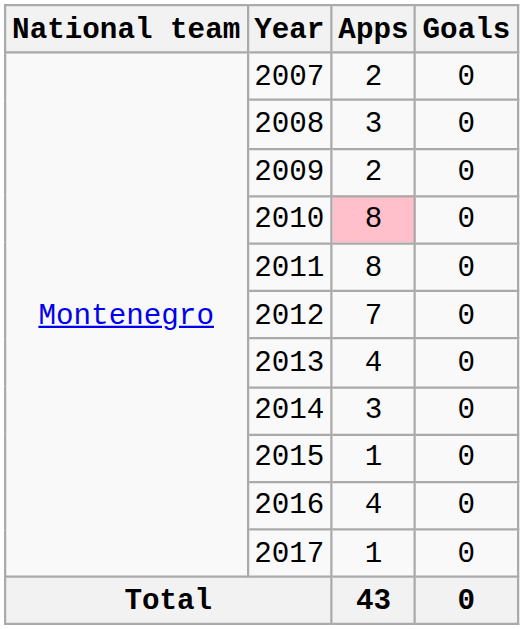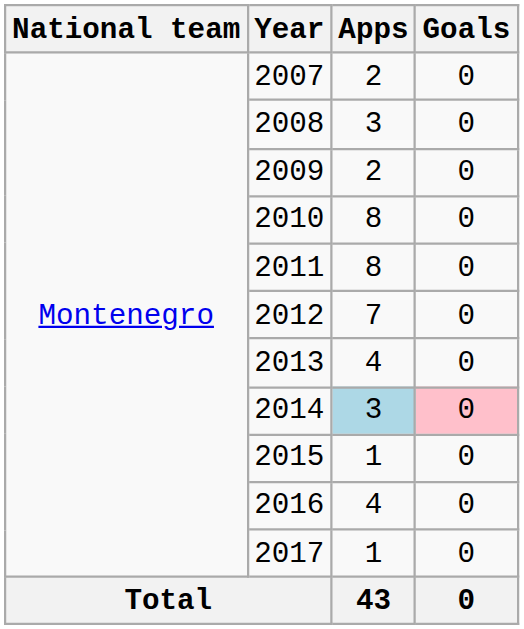 <table class="wikitable" style="text-align:center">
 <tr>
 <th>National team</th>
 <th>Year</th>
 <th>Apps</th>
 <th>Goals</th>
 </tr>
 <tr>
 <td rowspan="11" style="vertical-align:center"><a href='#'>Montenegro</a></td>
 <td>2007</td>
 <td>2</td>
 <td>0</td>
 </tr>
 <tr>
 <td>2008</td>
 <td>3</td>
 <td>0</td>
 </tr>
 <tr>
 <td>2009</td>
 <td>2</td>
 <td>0</td>
 </tr>
 <tr>
 <td>2010</td>
-<td style="background: pink;">8</td>
+<td>8</td>
 <td>0</td>
 </tr>
 <tr>
 <td>2011</td>
 <td>8</td>
 <td>0</td>
 </tr>
 <tr>
 <td>2012</td>
 <td>7</td>
 <td>0</td>
 </tr>
 <tr>
 <td>2013</td>
 <td>4</td>
 <td>0</td>
 </tr>
 <tr>
 <td>2014</td>
-<td>3</td>
-<td>0</td>
+<td style="background: lightblue;">3</td>
+<td style="background: pink;">0</td>
 </tr>
 <tr>
 <td>2015</td>
 <td>1</td>
 <td>0</td>
 </tr>
 <tr>
 <td>2016</td>
 <td>4</td>
 <td>0</td>
 </tr>
 <tr>
 <td>2017</td>
 <td>1</td>
 <td>0</td>
 </tr>
 <tr>
 <th colspan="2">Total</th>
 <th>43</th>
 <th>0</th>
 </tr>
 </table>
